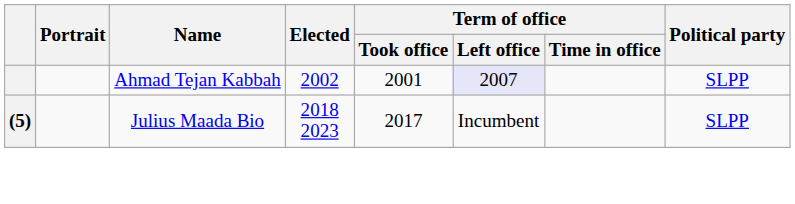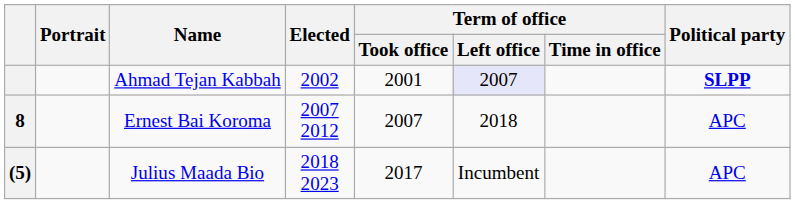 <table class="wikitable" style="text-align:center">
 <tr>
 <th rowspan="2"></th>
 <th rowspan="2">Portrait</th>
 <th rowspan="2">Name<br></th>
 <th rowspan="2">Elected</th>
 <th colspan="3">Term of office</th>
 <th rowspan="2">Political party</th>
 </tr>
 <tr>
 <th>Took office</th>
 <th>Left office</th>
 <th>Time in office</th>
 </tr>
 <tr>
 <th style="background:"></th>
 <td></td>
 <td><a href='#'>Ahmad Tejan Kabbah</a><br></td>
 <td><a href='#'>2002</a></td>
 <td> 2001</td>
 <td style="background: lavender;"> 2007</td>
 <td></td>
-<td><a href='#'>SLPP</a></td>
+<td><strong><a href='#'>SLPP</a></strong></td>
+</tr>
+<tr>
+<th style="background:">8</th>
+<td></td>
+<td><a href='#'>Ernest Bai Koroma</a><br></td>
+<td><a href='#'>2007</a><br><a href='#'>2012</a></td>
+<td> 2007</td>
+<td> 2018</td>
+<td></td>
+<td><a href='#'>APC</a></td>
 </tr>
 <tr>
 <th style="background:">(5)</th>
 <td></td>
 <td><a href='#'>Julius Maada Bio</a><br></td>
 <td><a href='#'>2018</a><br><a href='#'>2023</a></td>
 <td> 2017</td>
 <td>Incumbent</td>
 <td></td>
-<td><a href='#'>SLPP</a></td>
+<td><a href='#'>APC</a></td>
 </tr>
 </table>
